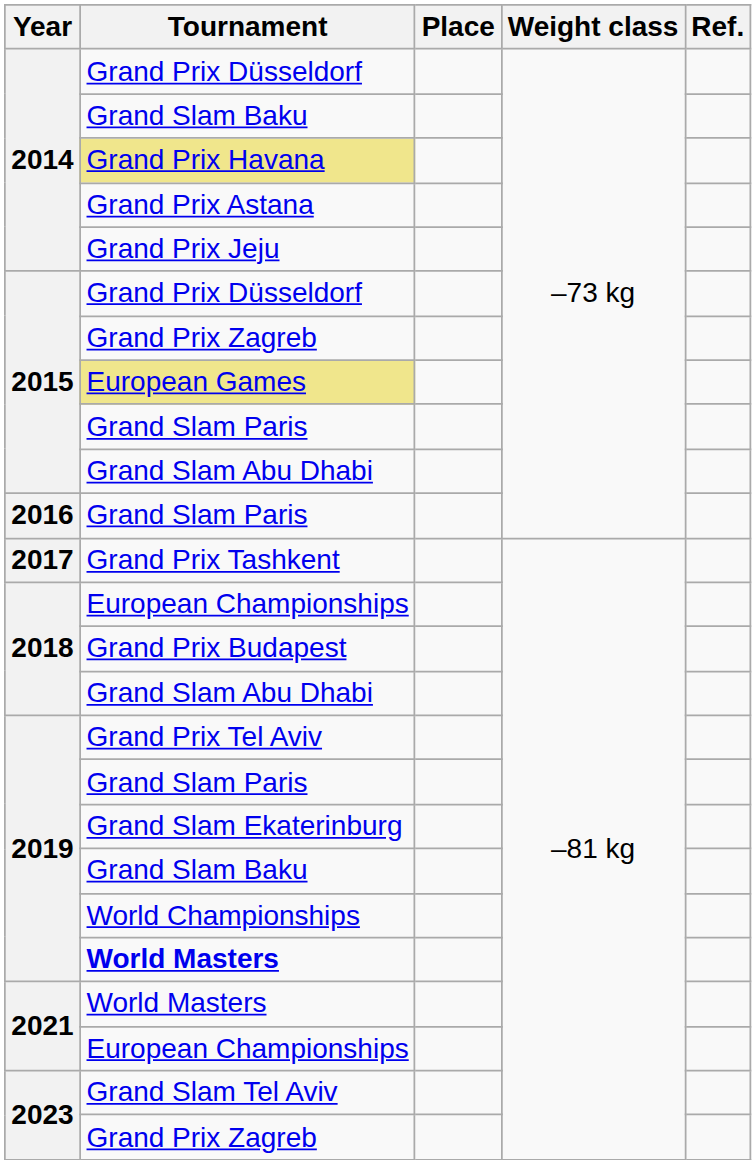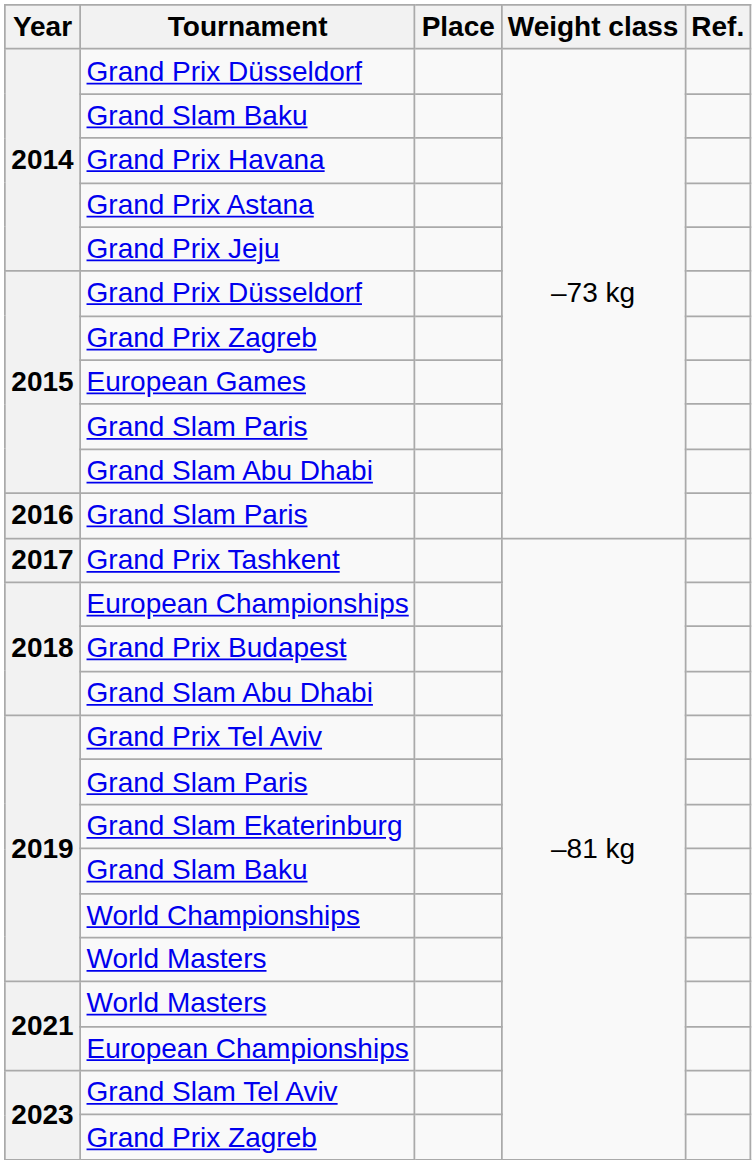 <table class="wikitable sortable" style="text-align:center;">
 <tr>
 <th>Year</th>
 <th>Tournament</th>
 <th>Place</th>
 <th>Weight class</th>
 <th>Ref.</th>
 </tr>
 <tr>
 <th rowspan=5>2014</th>
 <td align=left><a href='#'>Grand Prix Düsseldorf</a></td>
 <td></td>
 <td rowspan=11>–73 kg</td>
 <td></td>
 </tr>
 <tr>
 <td align=left><a href='#'>Grand Slam Baku</a></td>
 <td></td>
 <td></td>
 </tr>
 <tr>
-<td align=left style="background: khaki;"><a href='#'>Grand Prix Havana</a></td>
+<td align=left><a href='#'>Grand Prix Havana</a></td>
 <td></td>
 <td></td>
 </tr>
 <tr>
 <td align=left><a href='#'>Grand Prix Astana</a></td>
 <td></td>
 <td></td>
 </tr>
 <tr>
 <td align=left><a href='#'>Grand Prix Jeju</a></td>
 <td></td>
 <td></td>
 </tr>
 <tr>
 <th rowspan=5>2015</th>
 <td align=left><a href='#'>Grand Prix Düsseldorf</a></td>
 <td></td>
 <td></td>
 </tr>
 <tr>
 <td align=left><a href='#'>Grand Prix Zagreb</a></td>
 <td></td>
 <td></td>
 </tr>
 <tr>
-<td align=left style="background: khaki;"><a href='#'>European Games</a></td>
+<td align=left><a href='#'>European Games</a></td>
 <td></td>
 <td></td>
 </tr>
 <tr>
 <td align=left><a href='#'>Grand Slam Paris</a></td>
 <td></td>
 <td></td>
 </tr>
 <tr>
 <td align=left><a href='#'>Grand Slam Abu Dhabi</a></td>
 <td></td>
 <td></td>
 </tr>
 <tr>
 <th>2016</th>
 <td align=left><a href='#'>Grand Slam Paris</a></td>
 <td></td>
 <td></td>
 </tr>
 <tr>
 <th>2017</th>
 <td align=left><a href='#'>Grand Prix Tashkent</a></td>
 <td></td>
 <td rowspan=14>–81 kg</td>
 <td></td>
 </tr>
 <tr>
 <th rowspan=3>2018</th>
 <td align=left><a href='#'>European Championships</a></td>
 <td></td>
 <td></td>
 </tr>
 <tr>
 <td align=left><a href='#'>Grand Prix Budapest</a></td>
 <td></td>
 <td></td>
 </tr>
 <tr>
 <td align=left><a href='#'>Grand Slam Abu Dhabi</a></td>
 <td></td>
 <td></td>
 </tr>
 <tr>
 <th rowspan=6>2019</th>
 <td align=left><a href='#'>Grand Prix Tel Aviv</a></td>
 <td></td>
 <td></td>
 </tr>
 <tr>
 <td align=left><a href='#'>Grand Slam Paris</a></td>
 <td></td>
 <td></td>
 </tr>
 <tr>
 <td align=left><a href='#'>Grand Slam Ekaterinburg</a></td>
 <td></td>
 <td></td>
 </tr>
 <tr>
 <td align=left><a href='#'>Grand Slam Baku</a></td>
 <td></td>
 <td></td>
 </tr>
 <tr>
 <td align=left><a href='#'>World Championships</a></td>
 <td></td>
 <td></td>
 </tr>
 <tr>
-<td align=left><strong><a href='#'>World Masters</a></strong></td>
+<td align=left><a href='#'>World Masters</a></td>
 <td></td>
 <td></td>
 </tr>
 <tr>
 <th rowspan=2>2021</th>
 <td align=left><a href='#'>World Masters</a></td>
 <td></td>
 <td></td>
 </tr>
 <tr>
 <td align=left><a href='#'>European Championships</a></td>
 <td></td>
 <td></td>
 </tr>
 <tr>
 <th rowspan=2>2023</th>
 <td align=left><a href='#'>Grand Slam Tel Aviv</a></td>
 <td></td>
 <td></td>
 </tr>
 <tr>
 <td align=left><a href='#'>Grand Prix Zagreb</a></td>
 <td></td>
 <td></td>
 </tr>
 </table>
